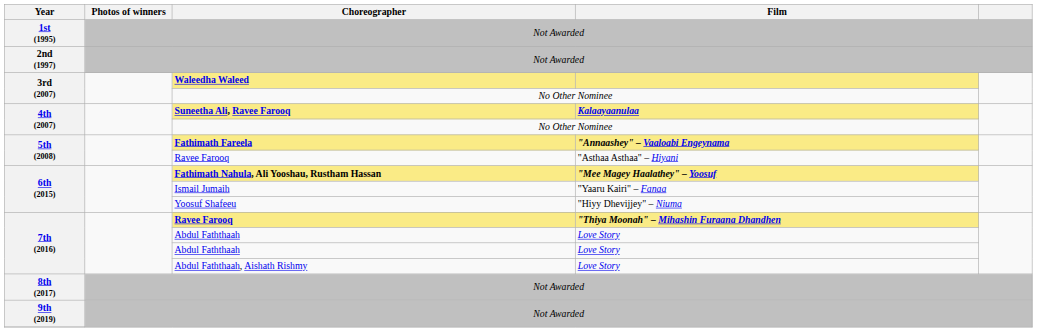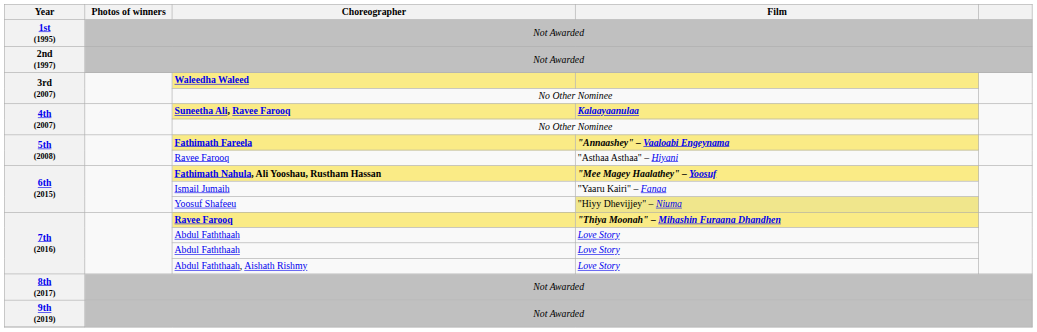 <table class="wikitable sortable" style="width:85%; text-align:left;">
 <tr>
 <th scope="col" style="width:3%; text-align:center;">Year</th>
 <th scope="col" style="width:3%;text-align:center;">Photos of winners</th>
 <th scope="col" style="width:15%;text-align:center;">Choreographer</th>
 <th scope="col" style="width:15%;text-align:center;">Film</th>
 <th scope="col" style="width:2%" class="unsortable"></th>
 </tr>
 <tr>
 <th scope="row" style="text-align:center"><a href='#'>1st</a><br><small>(1995)</small></th>
 <td bgcolor="#C0C0C0" align="center" colspan="4"><em>Not Awarded</em></td>
 </tr>
 <tr>
 <th scope="row" style="text-align:center">2nd<br><small>(1997)</small></th>
 <td bgcolor="#C0C0C0" align="center" colspan="4"><em>Not Awarded</em></td>
 </tr>
 <tr>
 <th scope="row" rowspan=2 style="text-align:center">3rd<br><small>(2007)</small></th>
 <td rowspan=2 style="text-align:center"></td>
 <td style="background:#FAEB86;"><strong><a href='#'>Waleedha Waleed</a></strong></td>
 <td style="background:#FAEB86;"></td>
 <td rowspan=2 style="text-align: center;"></td>
 </tr>
 <tr>
 <td colspan=2 style="text-align:center"><em>No Other Nominee</em></td>
 </tr>
 <tr>
 <th scope="row" rowspan=2 style="text-align:center"><a href='#'>4th</a><br><small>(2007)</small></th>
 <td rowspan=2 style="text-align:center"></td>
 <td style="background:#FAEB86;"><strong>   <a href='#'>Suneetha Ali</a>, <a href='#'>Ravee Farooq</a></strong></td>
 <td style="background:#FAEB86;"><strong><em><a href='#'>Kalaayaanulaa</a></em></strong></td>
 <td rowspan=2 style="text-align: center;"></td>
 </tr>
 <tr>
 <td colspan=2 style="text-align:center"><em>No Other Nominee</em></td>
 </tr>
 <tr>
 <th scope="row" rowspan=2 style="text-align:center"><a href='#'>5th</a><br><small>(2008)</small></th>
 <td rowspan=2 style="text-align:center"></td>
 <td style="background:#FAEB86;"><strong><a href='#'>Fathimath Fareela</a></strong></td>
 <td style="background:#FAEB86;"><strong><em>"Annaashey" – <a href='#'>Vaaloabi Engeynama</a></em></strong></td>
 <td rowspan=2 style="text-align: center;"></td>
 </tr>
 <tr>
 <td><a href='#'>Ravee Farooq</a></td>
 <td>"Asthaa Asthaa" – <em><a href='#'>Hiyani</a></em></td>
 </tr>
 <tr>
 <th scope="row" rowspan=3 style="text-align:center"><a href='#'>6th</a><br><small>(2015)</small></th>
 <td rowspan=3 style="text-align:center"></td>
 <td style="background:#FAEB86;"><strong> <a href='#'>Fathimath Nahula</a>, Ali Yooshau, Rustham Hassan</strong></td>
 <td style="background:#FAEB86;"><strong><em>"Mee Magey Haalathey" – <a href='#'>Yoosuf</a></em></strong></td>
 <td rowspan=3 style="text-align: center;"></td>
 </tr>
 <tr>
 <td><a href='#'>Ismail Jumaih</a></td>
 <td>"Yaaru Kairi" – <em><a href='#'>Fanaa</a></em></td>
 </tr>
 <tr>
 <td><a href='#'>Yoosuf Shafeeu</a></td>
-<td>"Hiyy Dhevijjey" – <em><a href='#'>Niuma</a></em></td>
+<td style="background: khaki;">"Hiyy Dhevijjey" – <em><a href='#'>Niuma</a></em></td>
 </tr>
 <tr>
 <th scope="row" rowspan=4 style="text-align:center"><a href='#'>7th</a><br><small>(2016)</small></th>
 <td rowspan=4 style="text-align:center"></td>
 <td style="background:#FAEB86;"><strong><a href='#'>Ravee Farooq</a></strong></td>
 <td style="background:#FAEB86;"><strong><em>"Thiya Moonah" – <a href='#'>Mihashin Furaana Dhandhen</a></em></strong></td>
 <td rowspan=4 style="text-align: center;"></td>
 </tr>
 <tr>
 <td><a href='#'>Abdul Faththaah</a></td>
 <td><em><a href='#'>Love Story</a></em></td>
 </tr>
 <tr>
 <td><a href='#'>Abdul Faththaah</a></td>
 <td><em><a href='#'>Love Story</a></em></td>
 </tr>
 <tr>
 <td><a href='#'>Abdul Faththaah</a>, <a href='#'>Aishath Rishmy</a></td>
 <td><em><a href='#'>Love Story</a></em></td>
 </tr>
 <tr>
 <th scope="row" style="text-align:center"><a href='#'>8th</a><br><small>(2017)</small></th>
 <td bgcolor="#C0C0C0" align="center" colspan="4"><em>Not Awarded</em></td>
 </tr>
 <tr>
 <th scope="row" style="text-align:center"><a href='#'>9th</a><br><small>(2019)</small></th>
 <td bgcolor="#C0C0C0" align="center" colspan="4"><em>Not Awarded</em></td>
 </tr>
 <tr>
 </tr>
 </table>
